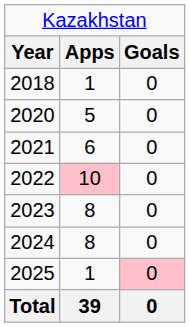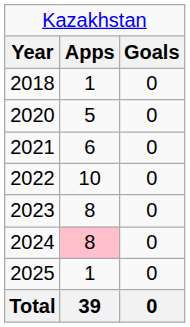 <table class="wikitable" style="text-align:center">
 <tr>
 <td colspan=7><a href='#'>Kazakhstan</a></td>
 </tr>
 <tr>
 <th>Year</th>
 <th>Apps</th>
 <th>Goals</th>
 </tr>
 <tr>
 <td>2018</td>
 <td>1</td>
 <td>0</td>
 </tr>
 <tr>
 <td>2020</td>
 <td>5</td>
 <td>0</td>
 </tr>
 <tr>
 <td>2021</td>
 <td>6</td>
 <td>0</td>
 </tr>
 <tr>
 <td>2022</td>
-<td style="background: pink;">10</td>
+<td>10</td>
 <td>0</td>
 </tr>
 <tr>
 <td>2023</td>
 <td>8</td>
 <td>0</td>
 </tr>
 <tr>
 <td>2024</td>
-<td>8</td>
+<td style="background: pink;">8</td>
 <td>0</td>
 </tr>
 <tr>
 <td>2025</td>
 <td>1</td>
-<td style="background: pink;">0</td>
+<td>0</td>
 </tr>
 <tr>
 <th>Total</th>
 <th>39</th>
 <th>0</th>
 </tr>
 </table>
